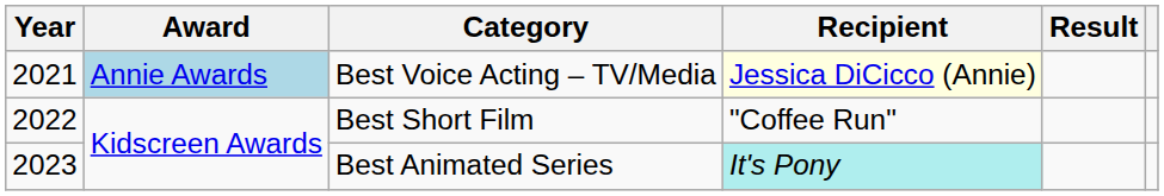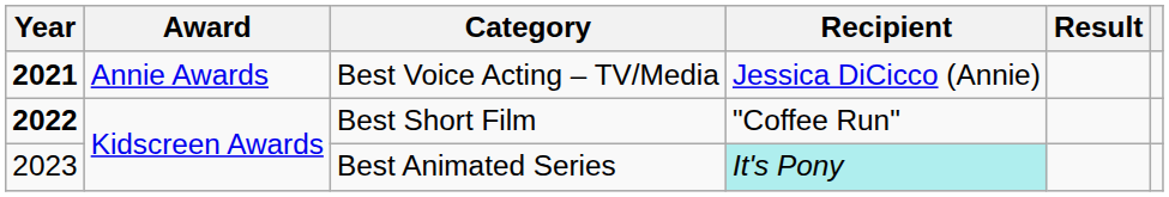 <table class="wikitable">
 <tr>
 <th>Year</th>
 <th>Award</th>
 <th>Category</th>
 <th>Recipient</th>
 <th>Result</th>
 <th></th>
 </tr>
 <tr>
-<td>2021</td>
-<td style="background: lightblue;"><a href='#'>Annie Awards</a></td>
+<td><strong>2021</strong></td>
+<td><a href='#'>Annie Awards</a></td>
 <td>Best Voice Acting – TV/Media</td>
-<td style="background: lightyellow;"><a href='#'>Jessica DiCicco</a> (Annie)</td>
+<td><a href='#'>Jessica DiCicco</a> (Annie)</td>
 <td></td>
 <td style="text-align:center;"></td>
 </tr>
 <tr>
-<td>2022</td>
+<td><strong>2022</strong></td>
 <td rowspan="2"><a href='#'>Kidscreen Awards</a></td>
 <td>Best Short Film</td>
 <td>"Coffee Run"</td>
 <td></td>
 <td style="text-align:center;"></td>
 </tr>
 <tr>
 <td>2023</td>
 <td>Best Animated Series</td>
 <td style="background: paleturquoise;"><em>It's Pony</em></td>
 <td></td>
 <td style="text-align:center;"></td>
 </tr>
 </table>
